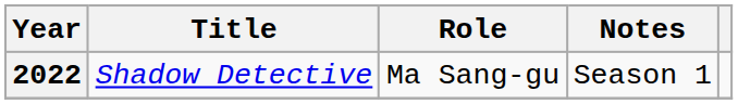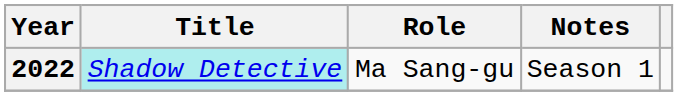 <table class="wikitable sortable plainrowheaders">
 <tr>
 <th scope="col">Year</th>
 <th scope="col">Title</th>
 <th scope="col">Role</th>
 <th scope="col" class="unsortable">Notes</th>
 <th scope="col" class="unsortable"></th>
 </tr>
 <tr>
 <th scope="row">2022</th>
-<td><em><a href='#'>Shadow Detective</a></em></td>
+<td style="background: paleturquoise;"><em><a href='#'>Shadow Detective</a></em></td>
 <td>Ma Sang-gu</td>
 <td>Season 1</td>
 <td></td>
 </tr>
 <tr>
 </tr>
 </table>
